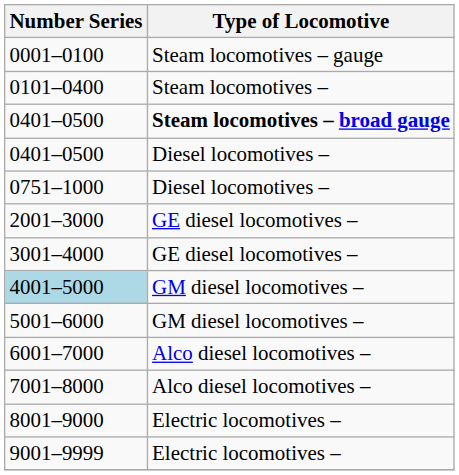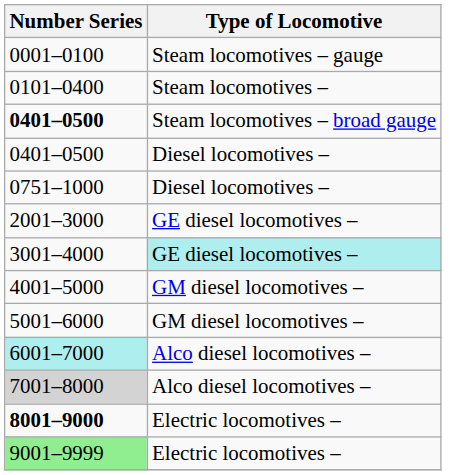 <table class="wikitable">
 <tr>
 <th>Number Series</th>
 <th>Type of Locomotive</th>
 </tr>
 <tr>
 <td>0001–0100</td>
 <td>Steam locomotives –  gauge</td>
 </tr>
 <tr>
 <td>0101–0400</td>
 <td>Steam locomotives – </td>
 </tr>
 <tr>
-<td>0401–0500</td>
-<td><strong>Steam locomotives –  <a href='#'>broad gauge</a></strong></td>
+<td><strong>0401–0500</strong></td>
+<td>Steam locomotives –  <a href='#'>broad gauge</a></td>
 </tr>
 <tr>
 <td>0401–0500</td>
 <td>Diesel locomotives – </td>
 </tr>
 <tr>
 <td>0751–1000</td>
 <td>Diesel locomotives – </td>
 </tr>
 <tr>
 <td>2001–3000</td>
 <td><a href='#'>GE</a> diesel locomotives – </td>
 </tr>
 <tr>
 <td>3001–4000</td>
-<td>GE diesel locomotives – </td>
+<td style="background: paleturquoise;">GE diesel locomotives – </td>
 </tr>
 <tr>
-<td style="background: lightblue;">4001–5000</td>
+<td>4001–5000</td>
 <td><a href='#'>GM</a> diesel locomotives – </td>
 </tr>
 <tr>
 <td>5001–6000</td>
 <td>GM diesel locomotives – </td>
 </tr>
 <tr>
-<td>6001–7000</td>
+<td style="background: paleturquoise;">6001–7000</td>
 <td><a href='#'>Alco</a> diesel locomotives – </td>
 </tr>
 <tr>
-<td>7001–8000</td>
+<td style="background: lightgrey;">7001–8000</td>
 <td>Alco diesel locomotives – </td>
 </tr>
 <tr>
-<td>8001–9000</td>
+<td><strong>8001–9000</strong></td>
 <td>Electric locomotives – </td>
 </tr>
 <tr>
-<td>9001–9999</td>
+<td style="background: lightgreen;">9001–9999</td>
 <td>Electric locomotives – </td>
 </tr>
 <tr>
 </tr>
 </table>
